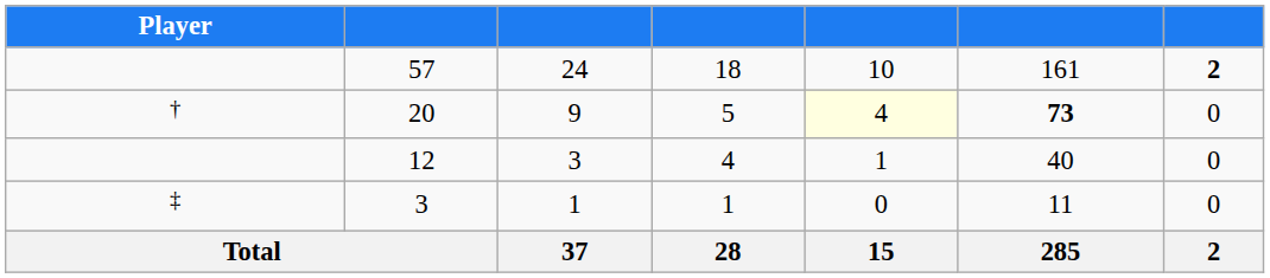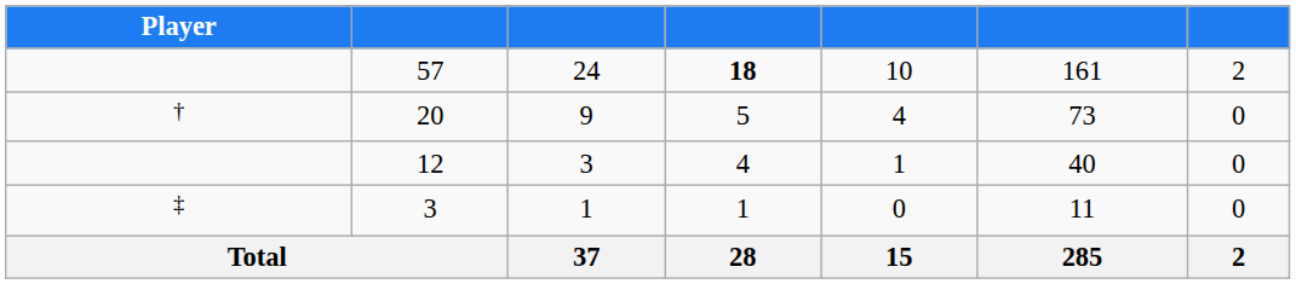 <table class="wikitable sortable" style="width:60%; text-align:center;">
 <tr>
 <th style="color:white; background:#1D7CF2; ">Player</th>
 <th style="color:white; background:#1D7CF2; "></th>
 <th style="color:white; background:#1D7CF2; "></th>
 <th style="color:white; background:#1D7CF2; "></th>
 <th style="color:white; background:#1D7CF2; "></th>
 <th style="color:white; background:#1D7CF2; "></th>
 <th style="color:white; background:#1D7CF2; "></th>
 </tr>
 <tr>
 <td></td>
 <td>57</td>
 <td>24</td>
-<td>18</td>
+<td><strong>18</strong></td>
 <td>10</td>
 <td>161</td>
-<td><strong>2</strong></td>
+<td>2</td>
 </tr>
 <tr>
 <td><sup>†</sup></td>
 <td>20</td>
 <td>9</td>
 <td>5</td>
-<td style="background: lightyellow;">4</td>
-<td><strong>73</strong></td>
+<td>4</td>
+<td>73</td>
 <td>0</td>
 </tr>
 <tr>
 <td></td>
 <td>12</td>
 <td>3</td>
 <td>4</td>
 <td>1</td>
 <td>40</td>
 <td>0</td>
 </tr>
 <tr>
 <td><sup>‡</sup></td>
 <td>3</td>
 <td>1</td>
 <td>1</td>
 <td>0</td>
 <td>11</td>
 <td>0</td>
 </tr>
 <tr class="sortbottom">
 <th colspan=2>Total</th>
 <th>37</th>
 <th>28</th>
 <th>15</th>
 <th>285</th>
 <th>2</th>
 </tr>
 </table>
